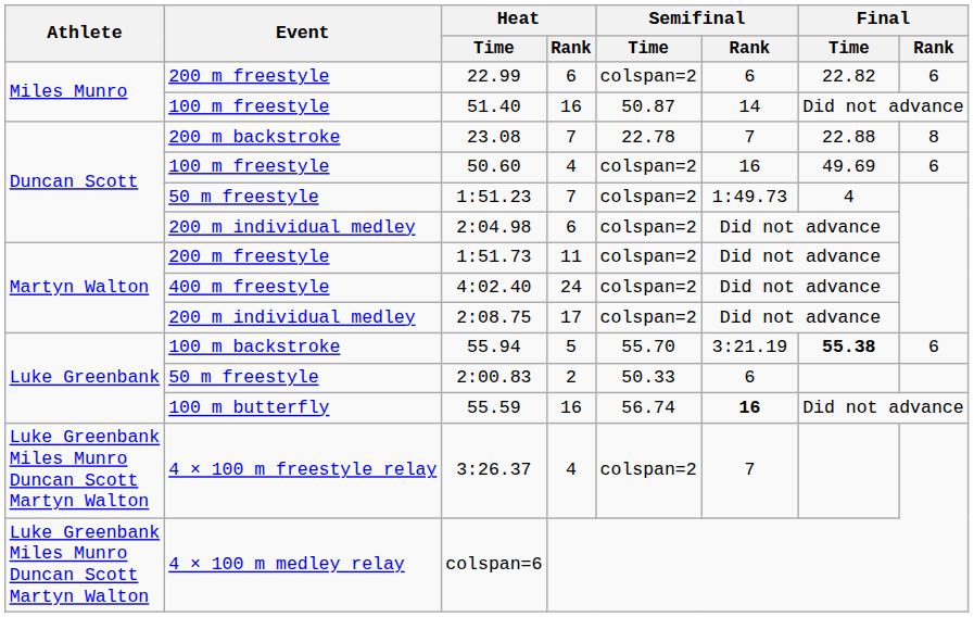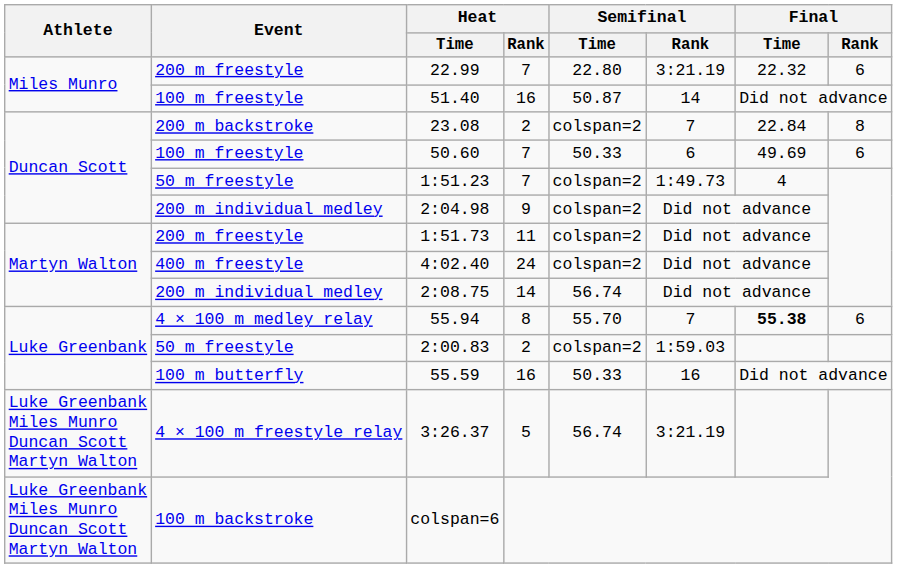 <table class=wikitable style="font-size:90%">
 <tr>
 <th rowspan=2>Athlete</th>
 <th rowspan=2>Event</th>
 <th colspan="2">Heat</th>
 <th colspan="2">Semifinal</th>
 <th colspan="2">Final</th>
 </tr>
 <tr style="font-size:95%">
 <th>Time</th>
 <th>Rank</th>
 <th>Time</th>
 <th>Rank</th>
 <th>Time</th>
 <th>Rank</th>
 </tr>
 <tr align=center>
 <td align=left rowspan=2><a href='#'>Miles Munro</a></td>
 <td align=left><a href='#'>200 m freestyle</a></td>
 <td>22.99</td>
-<td>6</td>
-<td>colspan=2 </td>
-<td>6</td>
-<td>22.82</td>
+<td>7</td>
+<td>22.80</td>
+<td>3:21.19</td>
+<td>22.32</td>
 <td>6</td>
 </tr>
 <tr align=center>
 <td align=left><a href='#'>100 m freestyle</a></td>
 <td>51.40</td>
 <td>16</td>
 <td>50.87</td>
 <td>14</td>
 <td colspan="2">Did not advance</td>
 </tr>
 <tr align=center>
 <td align=left rowspan=4><a href='#'>Duncan Scott</a></td>
 <td align=left><a href='#'>200 m backstroke</a></td>
 <td>23.08</td>
+<td>2</td>
+<td>colspan=2 </td>
 <td>7</td>
-<td>22.78</td>
-<td>7</td>
-<td>22.88</td>
+<td>22.84</td>
 <td>8</td>
 </tr>
 <tr align=center>
 <td align=left><a href='#'>100 m freestyle</a></td>
 <td>50.60</td>
-<td>4</td>
-<td>colspan=2 </td>
-<td>16</td>
+<td>7</td>
+<td>50.33</td>
+<td>6</td>
 <td>49.69</td>
 <td>6</td>
 </tr>
 <tr align=center>
 <td align=left><a href='#'>50 m freestyle</a></td>
 <td>1:51.23</td>
 <td>7</td>
 <td>colspan=2 </td>
 <td>1:49.73</td>
 <td>4</td>
 </tr>
 <tr align=center>
 <td align=left><a href='#'>200 m individual medley</a></td>
 <td>2:04.98</td>
-<td>6</td>
+<td>9</td>
 <td>colspan=2 </td>
 <td colspan="2">Did not advance</td>
 </tr>
 <tr align=center>
 <td align=left rowspan=3><a href='#'>Martyn Walton</a></td>
 <td align=left><a href='#'>200 m freestyle</a></td>
 <td>1:51.73</td>
 <td>11</td>
 <td>colspan=2 </td>
 <td colspan="2">Did not advance</td>
 </tr>
 <tr align=center>
 <td align=left><a href='#'>400 m freestyle</a></td>
 <td>4:02.40</td>
 <td>24</td>
 <td>colspan=2 </td>
 <td colspan="2">Did not advance</td>
 </tr>
 <tr align=center>
 <td align=left><a href='#'>200 m individual medley</a></td>
 <td>2:08.75</td>
-<td>17</td>
-<td>colspan=2 </td>
+<td>14</td>
+<td>56.74</td>
 <td colspan="2">Did not advance</td>
 </tr>
 <tr align=center>
 <td align=left rowspan=3><a href='#'>Luke Greenbank</a></td>
-<td align=left><a href='#'>100 m backstroke</a></td>
+<td align=left><a href='#'>4 × 100 m medley relay</a></td>
 <td>55.94</td>
-<td>5</td>
+<td>8</td>
 <td>55.70</td>
-<td>3:21.19</td>
+<td>7</td>
 <td><strong>55.38</strong></td>
 <td>6</td>
 </tr>
 <tr align=center>
 <td align=left><a href='#'>50 m freestyle</a></td>
 <td>2:00.83</td>
 <td>2</td>
-<td>50.33</td>
-<td>6</td>
+<td>colspan=2 </td>
+<td>1:59.03</td>
 <td></td>
 </tr>
 <tr align=center>
 <td align=left><a href='#'>100 m butterfly</a></td>
 <td>55.59</td>
 <td>16</td>
-<td>56.74</td>
-<td><strong>16</strong></td>
+<td>50.33</td>
+<td>16</td>
 <td colspan="2">Did not advance</td>
 </tr>
 <tr align=center>
 <td align=left><a href='#'>Luke Greenbank</a><br><a href='#'>Miles Munro</a><br><a href='#'>Duncan Scott</a><br><a href='#'>Martyn Walton</a></td>
 <td align=left><a href='#'>4 × 100 m freestyle relay</a></td>
 <td>3:26.37</td>
-<td>4</td>
-<td>colspan=2 </td>
-<td>7</td>
+<td>5</td>
+<td>56.74</td>
+<td>3:21.19</td>
 <td></td>
 </tr>
 <tr align=center>
 <td align=left><a href='#'>Luke Greenbank</a><br><a href='#'>Miles Munro</a><br><a href='#'>Duncan Scott</a><br><a href='#'>Martyn Walton</a></td>
-<td align=left><a href='#'>4 × 100 m medley relay</a></td>
+<td align=left><a href='#'>100 m backstroke</a></td>
 <td>colspan=6 </td>
 </tr>
 </table>
